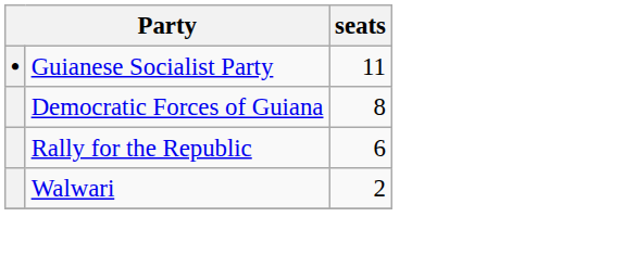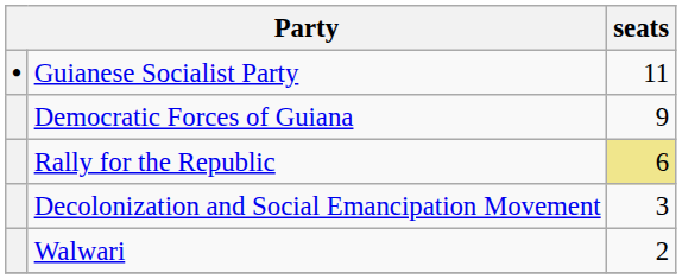 <table class="wikitable" style="font-size: 95%;">
 <tr>
 <th colspan=2>Party</th>
 <th>seats</th>
 </tr>
 <tr>
 <th style="background-color: "><span>•</span></th>
 <td><a href='#'>Guianese Socialist Party</a></td>
 <td align="right">11</td>
 </tr>
 <tr>
 <th style="background-color: "></th>
 <td><a href='#'>Democratic Forces of Guiana</a></td>
-<td align="right">8</td>
+<td align="right">9</td>
 </tr>
 <tr>
 <th style="background-color: "></th>
 <td><a href='#'>Rally for the Republic</a></td>
-<td align="right">6</td>
+<td align="right" style="background: khaki;">6</td>
+</tr>
+<tr>
+<th style="background-color: "></th>
+<td><a href='#'>Decolonization and Social Emancipation Movement</a></td>
+<td align="right">3</td>
 </tr>
 <tr>
 <th style="background-color: "></th>
 <td><a href='#'>Walwari</a></td>
 <td align="right">2</td>
 </tr>
 <tr>
 </tr>
 </table>
